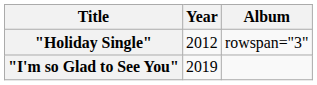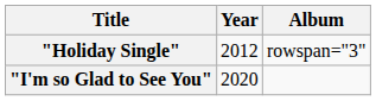 <table class="wikitable plainrowheaders" style="text-align:center;">
 <tr>
 <th scope="col">Title</th>
 <th scope="col">Year</th>
 <th scope="col">Album</th>
 </tr>
 <tr>
 <th scope="row">"Holiday Single"</th>
 <td>2012</td>
 <td>rowspan="3" </td>
 </tr>
 <tr>
 <th scope="row">"I'm so Glad to See You"</th>
-<td>2019</td>
+<td>2020</td>
 </tr>
 </table>
